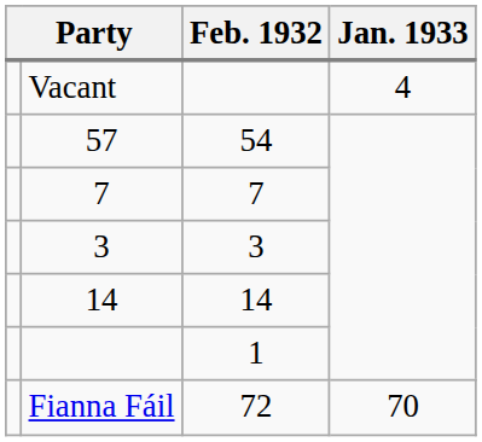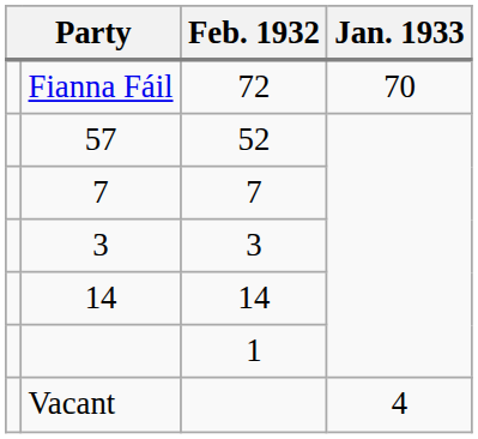 <table class="wikitable" style="font-size: 95%;">
 <tr style="background-color:#E9E9E9; border-bottom: 2px solid gray;">
 <th colspan=2>Party</th>
 <th>Feb. 1932</th>
 <th>Jan. 1933</th>
 </tr>
 <tr>
-<td></td>
-<td>Vacant</td>
-<td></td>
-<td align="center">4</td>
+<td style="background-color: "></td>
+<td><a href='#'>Fianna Fáil</a></td>
+<td align="center">72</td>
+<td align="center">70</td>
 </tr>
 <tr>
 <td></td>
 <td align="center">57</td>
-<td align="center">54</td>
+<td align="center">52</td>
 </tr>
 <tr>
 <td></td>
 <td align="center">7</td>
 <td align="center">7</td>
 </tr>
 <tr>
 <td></td>
 <td align="center">3</td>
 <td align="center">3</td>
 </tr>
 <tr>
 <td></td>
 <td align="center">14</td>
 <td align="center">14</td>
 </tr>
 <tr>
 <td></td>
 <td></td>
 <td align="center">1</td>
 </tr>
 <tr>
-<td style="background-color: "></td>
-<td><a href='#'>Fianna Fáil</a></td>
-<td align="center">72</td>
-<td align="center">70</td>
+<td></td>
+<td>Vacant</td>
+<td></td>
+<td align="center">4</td>
 </tr>
 </table>
